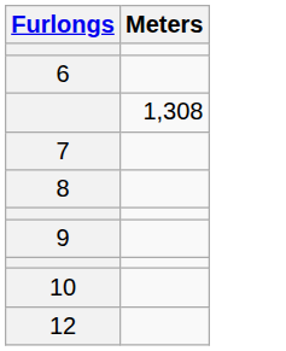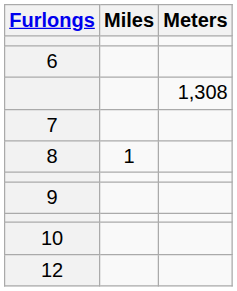 <table class="wikitable" style="vertical-align:top; text-align:center;">
 <tr>
 <th scope= "col"><a href='#'>Furlongs</a></th>
+<th scope= "col">Miles</th>
 <th scope= "col">Meters</th>
 </tr>
 <tr>
 <th scope="row" style="font-weight:normal;"></th>
+<td></td>
 <td style="text-align:right;"></td>
 </tr>
 <tr>
 <th scope="row" style="font-weight:normal;">6</th>
+<td></td>
 <td style="text-align:right;"></td>
 </tr>
 <tr>
 <th scope="row" style="font-weight:normal;"></th>
+<td></td>
 <td style="text-align:right;">1,308</td>
 </tr>
 <tr>
 <th scope="row" style="font-weight:normal;">7</th>
+<td></td>
 <td style="text-align:right;"></td>
 </tr>
 <tr>
 <th scope="row" style="font-weight:normal;">8</th>
+<td>1</td>
 <td style="text-align:right;"></td>
 </tr>
 <tr>
 <th scope="row" style="font-weight:normal;"></th>
+<td></td>
 <td style="text-align:right;"></td>
 </tr>
 <tr>
 <th scope="row" style="font-weight:normal;">9</th>
+<td></td>
 <td style="text-align:right;"></td>
 </tr>
 <tr>
 <th scope="row" style="font-weight:normal;"></th>
+<td></td>
 <td style="text-align:right;"></td>
 </tr>
 <tr>
 <th scope="row" style="font-weight:normal;">10</th>
+<td></td>
 <td style="text-align:right;"></td>
 </tr>
 <tr>
 <th scope="row" style="font-weight:normal;">12</th>
+<td></td>
 <td style="text-align:right;"></td>
 </tr>
 </table>
